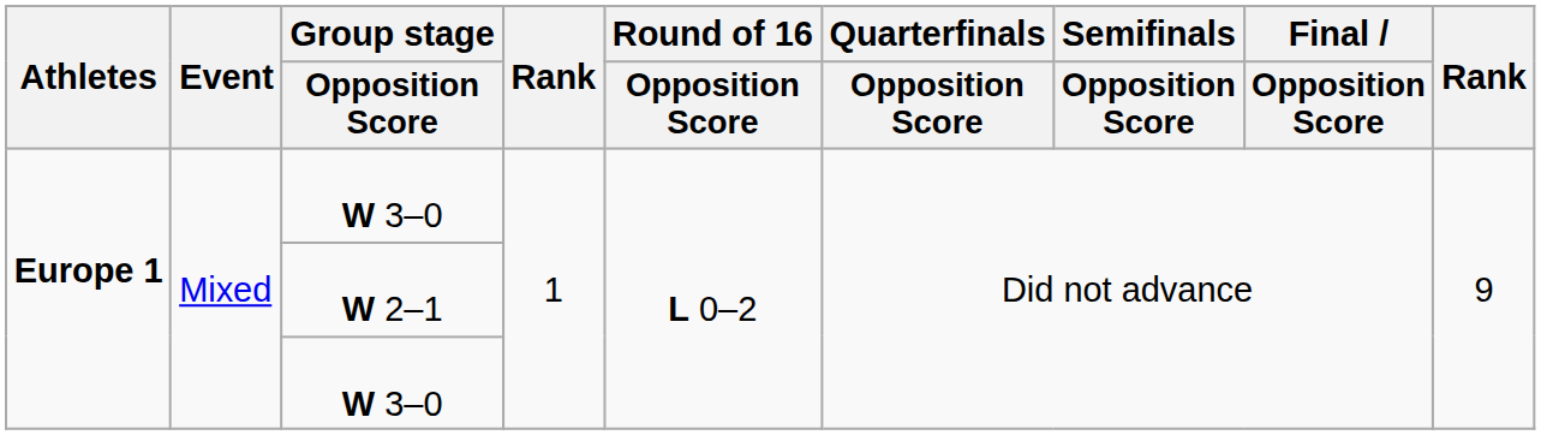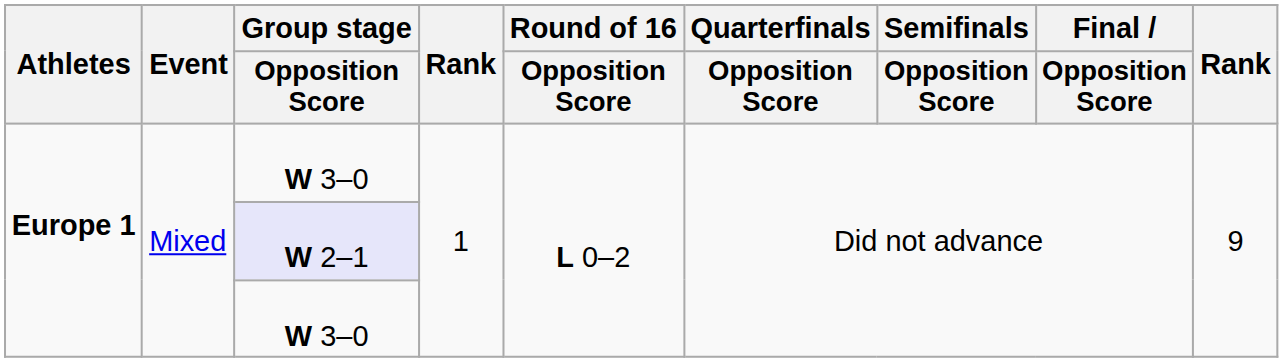 <table class=wikitable style="font-size:90%; text-align:center;">
 <tr>
 <th rowspan=2>Athletes</th>
 <th rowspan=2>Event</th>
 <th>Group stage</th>
 <th rowspan=2>Rank</th>
 <th>Round of 16</th>
 <th>Quarterfinals</th>
 <th>Semifinals</th>
 <th>Final / </th>
 <th rowspan=2>Rank</th>
 </tr>
 <tr style="font-size:95%">
 <th>Opposition<br>Score</th>
 <th>Opposition<br>Score</th>
 <th>Opposition<br>Score</th>
 <th>Opposition<br>Score</th>
 <th>Opposition<br>Score</th>
 </tr>
 <tr>
 <td align=left rowspan=3><strong>Europe 1</strong><br><br></td>
 <td align=left rowspan=3><a href='#'>Mixed</a></td>
 <td><br><strong>W</strong> 3–0</td>
 <td rowspan=3>1</td>
 <td rowspan=3><br><strong>L</strong> 0–2</td>
 <td rowspan=3 colspan=3>Did not advance</td>
 <td rowspan=3>9</td>
 </tr>
 <tr>
-<td><br><strong>W</strong> 2–1</td>
+<td style="background: lavender;"><br><strong>W</strong> 2–1</td>
 </tr>
 <tr>
 <td><br><strong>W</strong> 3–0</td>
 </tr>
 </table>
